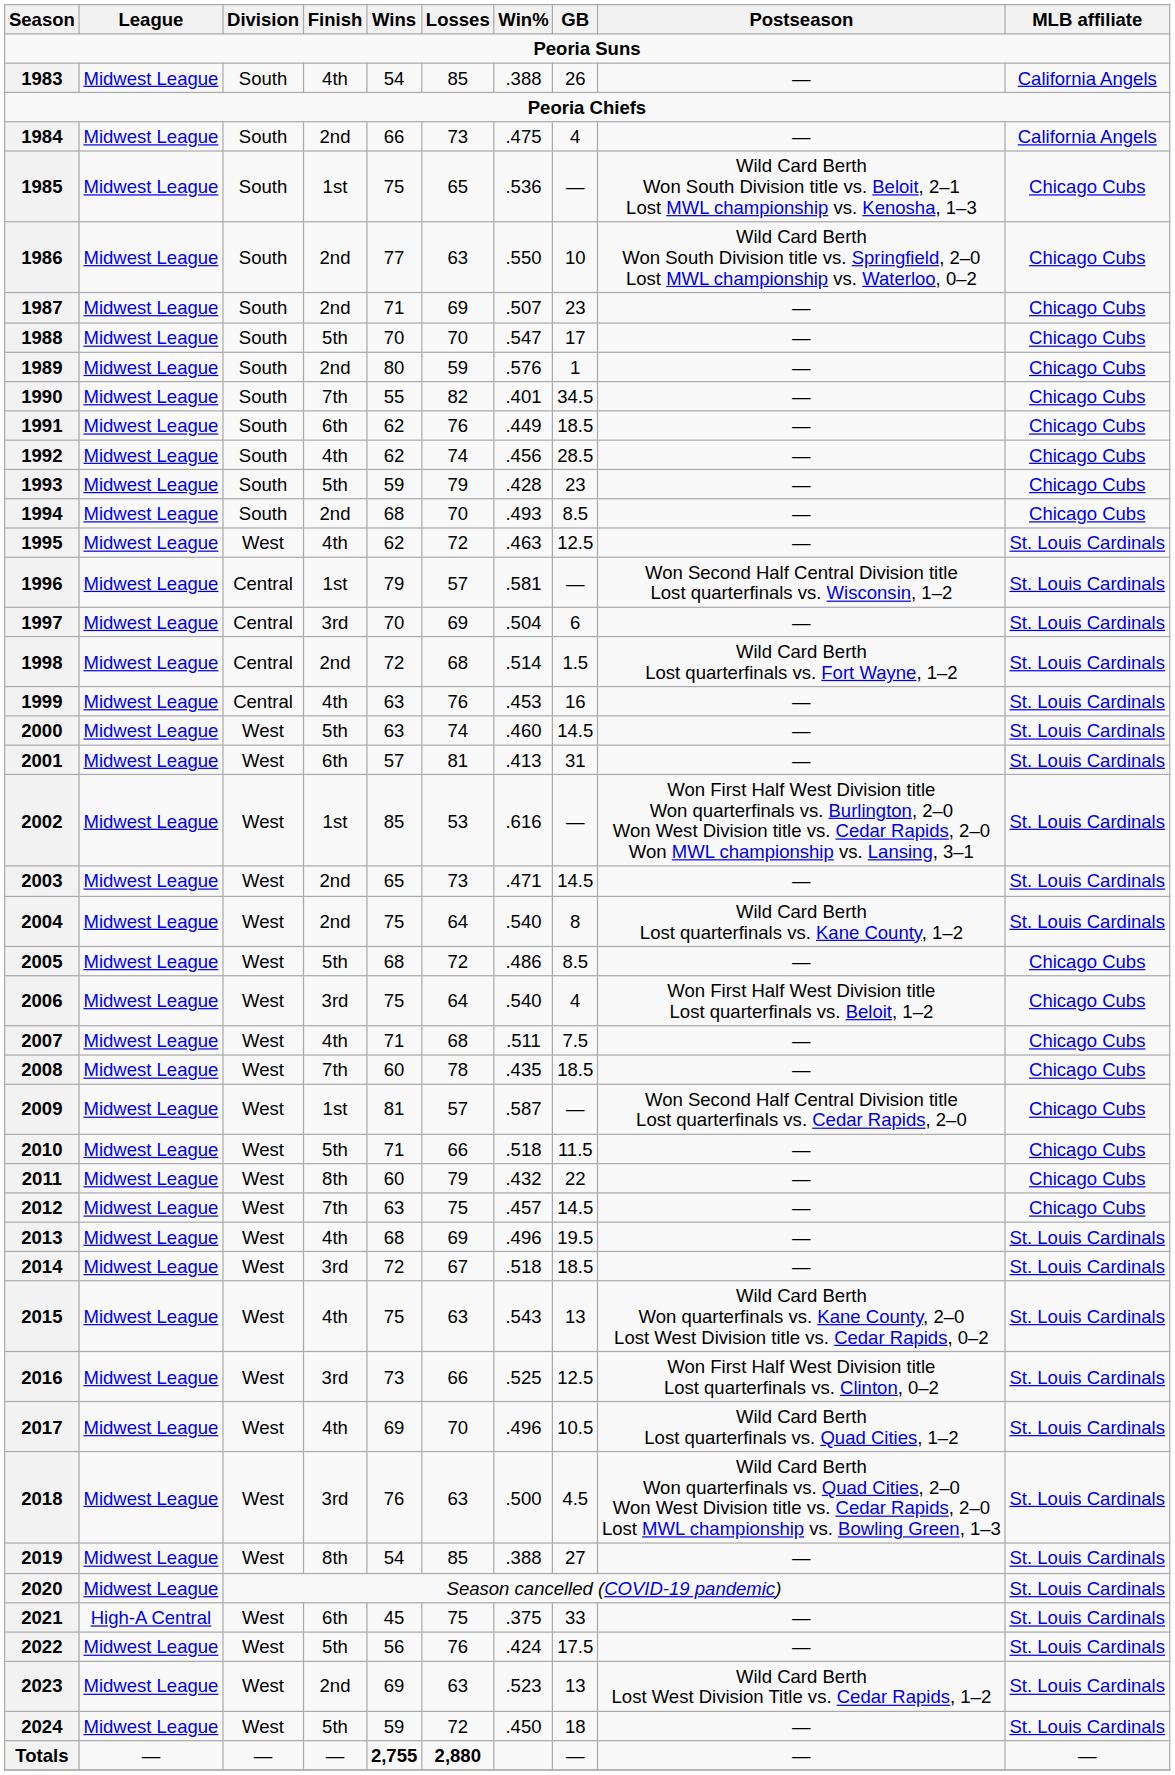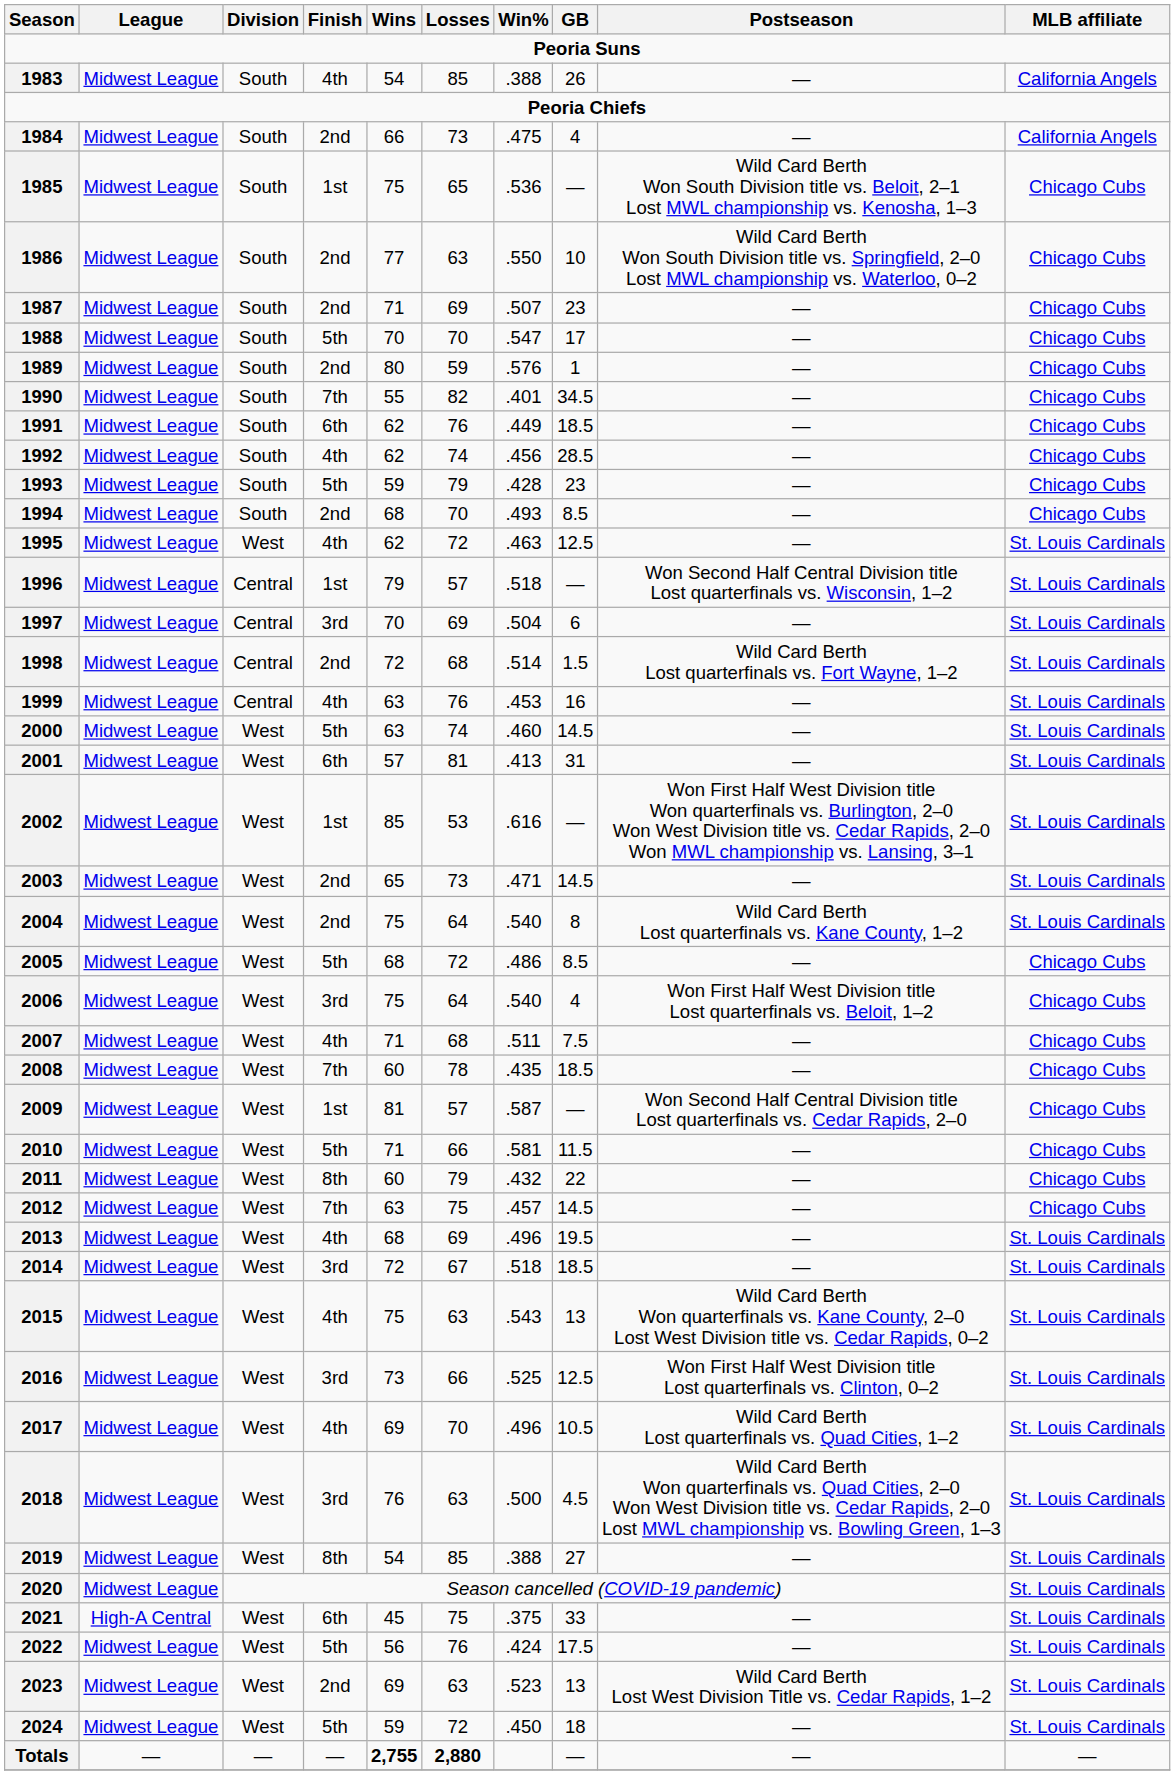 <table class="wikitable plainrowheaders" style="text-align:center; font-size:95%">
 <tr>
 <th scope="col">Season</th>
 <th scope="col">League</th>
 <th scope="col">Division</th>
 <th scope="col">Finish</th>
 <th scope="col">Wins</th>
 <th scope="col">Losses</th>
 <th scope="col">Win%</th>
 <th scope="col">GB</th>
 <th scope="col">Postseason</th>
 <th scope="col">MLB affiliate</th>
 </tr>
 <tr>
 <td align="center" colspan="12"><strong>Peoria Suns</strong></td>
 </tr>
 <tr>
 <th scope="row" style="text-align:center;">1983</th>
 <td align="center"><a href='#'>Midwest League</a></td>
 <td align="center">South</td>
 <td align="center">4th</td>
 <td align="center">54</td>
 <td align="center">85</td>
 <td align="center">.388</td>
 <td align="center">26</td>
 <td align="center">—</td>
 <td align="center"><a href='#'>California Angels</a></td>
 </tr>
 <tr>
 <td colspan="12" align="center"><strong>Peoria Chiefs</strong></td>
 </tr>
 <tr>
 <th scope="row" style="text-align:center;">1984</th>
 <td align="center"><a href='#'>Midwest League</a></td>
 <td align="center">South</td>
 <td align="center">2nd</td>
 <td align="center">66</td>
 <td align="center">73</td>
 <td align="center">.475</td>
 <td align="center">4</td>
 <td align="center">—</td>
 <td align="center"><a href='#'>California Angels</a></td>
 </tr>
 <tr>
 <th scope="row" style="text-align:center;">1985</th>
 <td align="center"><a href='#'>Midwest League</a></td>
 <td align="center">South</td>
 <td align="center">1st</td>
 <td align="center">75</td>
 <td align="center">65</td>
 <td align="center">.536</td>
 <td align="center">—</td>
 <td>Wild Card Berth<br>Won South Division title vs. <a href='#'>Beloit</a>, 2–1<br>Lost <a href='#'>MWL championship</a> vs. <a href='#'>Kenosha</a>, 1–3</td>
 <td align="center"><a href='#'>Chicago Cubs</a></td>
 </tr>
 <tr>
 <th scope="row" style="text-align:center;">1986</th>
 <td align="center"><a href='#'>Midwest League</a></td>
 <td align="center">South</td>
 <td align="center">2nd</td>
 <td align="center">77</td>
 <td align="center">63</td>
 <td align="center">.550</td>
 <td align="center">10</td>
 <td>Wild Card Berth<br>Won South Division title vs. <a href='#'>Springfield</a>, 2–0 <br>Lost <a href='#'>MWL championship</a> vs. <a href='#'>Waterloo</a>, 0–2</td>
 <td align="center"><a href='#'>Chicago Cubs</a></td>
 </tr>
 <tr>
 <th scope="row" style="text-align:center;">1987</th>
 <td align="center"><a href='#'>Midwest League</a></td>
 <td align="center">South</td>
 <td align="center">2nd</td>
 <td align="center">71</td>
 <td align="center">69</td>
 <td align="center">.507</td>
 <td align="center">23</td>
 <td align="center">—</td>
 <td align="center"><a href='#'>Chicago Cubs</a></td>
 </tr>
 <tr>
 <th scope="row" style="text-align:center;">1988</th>
 <td align="center"><a href='#'>Midwest League</a></td>
 <td align="center">South</td>
 <td align="center">5th</td>
 <td align="center">70</td>
 <td align="center">70</td>
 <td align="center">.547</td>
 <td align="center">17</td>
 <td align="center">—</td>
 <td align="center"><a href='#'>Chicago Cubs</a></td>
 </tr>
 <tr>
 <th scope="row" style="text-align:center;">1989</th>
 <td align="center"><a href='#'>Midwest League</a></td>
 <td align="center">South</td>
 <td align="center">2nd</td>
 <td align="center">80</td>
 <td align="center">59</td>
 <td align="center">.576</td>
 <td align="center">1</td>
 <td align="center">—</td>
 <td align="center"><a href='#'>Chicago Cubs</a></td>
 </tr>
 <tr>
 <th scope="row" style="text-align:center;">1990</th>
 <td align="center"><a href='#'>Midwest League</a></td>
 <td align="center">South</td>
 <td align="center">7th</td>
 <td align="center">55</td>
 <td align="center">82</td>
 <td align="center">.401</td>
 <td align="center">34.5</td>
 <td align="center">—</td>
 <td align="center"><a href='#'>Chicago Cubs</a></td>
 </tr>
 <tr>
 <th scope="row" style="text-align:center;">1991</th>
 <td align="center"><a href='#'>Midwest League</a></td>
 <td align="center">South</td>
 <td align="center">6th</td>
 <td align="center">62</td>
 <td align="center">76</td>
 <td align="center">.449</td>
 <td align="center">18.5</td>
 <td align="center">—</td>
 <td align="center"><a href='#'>Chicago Cubs</a></td>
 </tr>
 <tr>
 <th scope="row" style="text-align:center;">1992</th>
 <td align="center"><a href='#'>Midwest League</a></td>
 <td align="center">South</td>
 <td align="center">4th</td>
 <td align="center">62</td>
 <td align="center">74</td>
 <td align="center">.456</td>
 <td align="center">28.5</td>
 <td align="center">—</td>
 <td align="center"><a href='#'>Chicago Cubs</a></td>
 </tr>
 <tr>
 <th scope="row" style="text-align:center;">1993</th>
 <td align="center"><a href='#'>Midwest League</a></td>
 <td align="center">South</td>
 <td align="center">5th</td>
 <td align="center">59</td>
 <td align="center">79</td>
 <td align="center">.428</td>
 <td align="center">23</td>
 <td align="center">—</td>
 <td align="center"><a href='#'>Chicago Cubs</a></td>
 </tr>
 <tr>
 <th scope="row" style="text-align:center;">1994</th>
 <td align="center"><a href='#'>Midwest League</a></td>
 <td align="center">South</td>
 <td align="center">2nd</td>
 <td align="center">68</td>
 <td align="center">70</td>
 <td align="center">.493</td>
 <td align="center">8.5</td>
 <td align="center">—</td>
 <td align="center"><a href='#'>Chicago Cubs</a></td>
 </tr>
 <tr>
 <th scope="row" style="text-align:center;">1995</th>
 <td align="center"><a href='#'>Midwest League</a></td>
 <td align="center">West</td>
 <td align="center">4th</td>
 <td align="center">62</td>
 <td align="center">72</td>
 <td align="center">.463</td>
 <td align="center">12.5</td>
 <td align="center">—</td>
 <td align="center"><a href='#'>St. Louis Cardinals</a></td>
 </tr>
 <tr>
 <th scope="row" style="text-align:center;">1996</th>
 <td align="center"><a href='#'>Midwest League</a></td>
 <td align="center">Central</td>
 <td align="center">1st</td>
 <td align="center">79</td>
 <td align="center">57</td>
-<td align="center">.581</td>
+<td align="center">.518</td>
 <td align="center">—</td>
 <td>Won Second Half Central Division title<br>Lost quarterfinals vs. <a href='#'>Wisconsin</a>, 1–2</td>
 <td align="center"><a href='#'>St. Louis Cardinals</a></td>
 </tr>
 <tr>
 <th scope="row" style="text-align:center;">1997</th>
 <td align="center"><a href='#'>Midwest League</a></td>
 <td align="center">Central</td>
 <td align="center">3rd</td>
 <td align="center">70</td>
 <td align="center">69</td>
 <td align="center">.504</td>
 <td align="center">6</td>
 <td align="center">—</td>
 <td align="center"><a href='#'>St. Louis Cardinals</a></td>
 </tr>
 <tr>
 <th scope="row" style="text-align:center;">1998</th>
 <td align="center"><a href='#'>Midwest League</a></td>
 <td align="center">Central</td>
 <td align="center">2nd</td>
 <td align="center">72</td>
 <td align="center">68</td>
 <td align="center">.514</td>
 <td align="center">1.5</td>
 <td>Wild Card Berth<br>Lost quarterfinals vs. <a href='#'>Fort Wayne</a>, 1–2</td>
 <td align="center"><a href='#'>St. Louis Cardinals</a></td>
 </tr>
 <tr>
 <th scope="row" style="text-align:center;">1999</th>
 <td align="center"><a href='#'>Midwest League</a></td>
 <td align="center">Central</td>
 <td align="center">4th</td>
 <td align="center">63</td>
 <td align="center">76</td>
 <td align="center">.453</td>
 <td align="center">16</td>
 <td align="center">—</td>
 <td align="center"><a href='#'>St. Louis Cardinals</a></td>
 </tr>
 <tr>
 <th scope="row" style="text-align:center;">2000</th>
 <td align="center"><a href='#'>Midwest League</a></td>
 <td align="center">West</td>
 <td align="center">5th</td>
 <td align="center">63</td>
 <td align="center">74</td>
 <td align="center">.460</td>
 <td align="center">14.5</td>
 <td align="center">—</td>
 <td align="center"><a href='#'>St. Louis Cardinals</a></td>
 </tr>
 <tr>
 <th scope="row" style="text-align:center;">2001</th>
 <td align="center"><a href='#'>Midwest League</a></td>
 <td align="center">West</td>
 <td align="center">6th</td>
 <td align="center">57</td>
 <td align="center">81</td>
 <td align="center">.413</td>
 <td align="center">31</td>
 <td align="center">—</td>
 <td align="center"><a href='#'>St. Louis Cardinals</a></td>
 </tr>
 <tr>
 <th scope="row" style="text-align:center;">2002</th>
 <td align="center"><a href='#'>Midwest League</a></td>
 <td align="center">West</td>
 <td align="center">1st</td>
 <td align="center">85</td>
 <td align="center">53</td>
 <td align="center">.616</td>
 <td align="center">—</td>
 <td>Won First Half West Division title<br>Won quarterfinals vs. <a href='#'>Burlington</a>, 2–0<br>Won West Division title vs. <a href='#'>Cedar Rapids</a>, 2–0<br>Won <a href='#'>MWL championship</a> vs. <a href='#'>Lansing</a>, 3–1</td>
 <td align="center"><a href='#'>St. Louis Cardinals</a></td>
 </tr>
 <tr>
 <th scope="row" style="text-align:center;">2003</th>
 <td align="center"><a href='#'>Midwest League</a></td>
 <td align="center">West</td>
 <td align="center">2nd</td>
 <td align="center">65</td>
 <td align="center">73</td>
 <td align="center">.471</td>
 <td align="center">14.5</td>
 <td align="center">—</td>
 <td align="center"><a href='#'>St. Louis Cardinals</a></td>
 </tr>
 <tr>
 <th scope="row" style="text-align:center;">2004</th>
 <td align="center"><a href='#'>Midwest League</a></td>
 <td align="center">West</td>
 <td align="center">2nd</td>
 <td align="center">75</td>
 <td align="center">64</td>
 <td align="center">.540</td>
 <td align="center">8</td>
 <td>Wild Card Berth<br>Lost quarterfinals vs. <a href='#'>Kane County</a>, 1–2</td>
 <td align="center"><a href='#'>St. Louis Cardinals</a></td>
 </tr>
 <tr>
 <th scope="row" style="text-align:center;">2005</th>
 <td align="center"><a href='#'>Midwest League</a></td>
 <td align="center">West</td>
 <td align="center">5th</td>
 <td align="center">68</td>
 <td align="center">72</td>
 <td align="center">.486</td>
 <td align="center">8.5</td>
 <td align="center">—</td>
 <td align="center"><a href='#'>Chicago Cubs</a></td>
 </tr>
 <tr>
 <th scope="row" style="text-align:center;">2006</th>
 <td align="center"><a href='#'>Midwest League</a></td>
 <td align="center">West</td>
 <td align="center">3rd</td>
 <td align="center">75</td>
 <td align="center">64</td>
 <td align="center">.540</td>
 <td align="center">4</td>
 <td>Won First Half West Division title<br>Lost quarterfinals vs. <a href='#'>Beloit</a>, 1–2</td>
 <td align="center"><a href='#'>Chicago Cubs</a></td>
 </tr>
 <tr>
 <th scope="row" style="text-align:center;">2007</th>
 <td align="center"><a href='#'>Midwest League</a></td>
 <td align="center">West</td>
 <td align="center">4th</td>
 <td align="center">71</td>
 <td align="center">68</td>
 <td align="center">.511</td>
 <td align="center">7.5</td>
 <td align="center">—</td>
 <td align="center"><a href='#'>Chicago Cubs</a></td>
 </tr>
 <tr>
 <th scope="row" style="text-align:center;">2008</th>
 <td align="center"><a href='#'>Midwest League</a></td>
 <td align="center">West</td>
 <td align="center">7th</td>
 <td align="center">60</td>
 <td align="center">78</td>
 <td align="center">.435</td>
 <td align="center">18.5</td>
 <td align="center">—</td>
 <td align="center"><a href='#'>Chicago Cubs</a></td>
 </tr>
 <tr>
 <th scope="row" style="text-align:center;">2009</th>
 <td align="center"><a href='#'>Midwest League</a></td>
 <td align="center">West</td>
 <td align="center">1st</td>
 <td align="center">81</td>
 <td align="center">57</td>
 <td align="center">.587</td>
 <td align="center">—</td>
 <td>Won Second Half Central Division title<br>Lost quarterfinals vs. <a href='#'>Cedar Rapids</a>, 2–0</td>
 <td align="center"><a href='#'>Chicago Cubs</a></td>
 </tr>
 <tr>
 <th scope="row" style="text-align:center;">2010</th>
 <td align="center"><a href='#'>Midwest League</a></td>
 <td align="center">West</td>
 <td align="center">5th</td>
 <td align="center">71</td>
 <td align="center">66</td>
-<td align="center">.518</td>
+<td align="center">.581</td>
 <td align="center">11.5</td>
 <td align="center">—</td>
 <td align="center"><a href='#'>Chicago Cubs</a></td>
 </tr>
 <tr>
 <th scope="row" style="text-align:center;">2011</th>
 <td align="center"><a href='#'>Midwest League</a></td>
 <td align="center">West</td>
 <td align="center">8th</td>
 <td align="center">60</td>
 <td align="center">79</td>
 <td align="center">.432</td>
 <td align="center">22</td>
 <td align="center">—</td>
 <td align="center"><a href='#'>Chicago Cubs</a></td>
 </tr>
 <tr>
 <th scope="row" style="text-align:center;">2012</th>
 <td align="center"><a href='#'>Midwest League</a></td>
 <td align="center">West</td>
 <td align="center">7th</td>
 <td align="center">63</td>
 <td align="center">75</td>
 <td align="center">.457</td>
 <td align="center">14.5</td>
 <td align="center">—</td>
 <td align="center"><a href='#'>Chicago Cubs</a></td>
 </tr>
 <tr>
 <th scope="row" style="text-align:center;">2013</th>
 <td align="center"><a href='#'>Midwest League</a></td>
 <td align="center">West</td>
 <td align="center">4th</td>
 <td align="center">68</td>
 <td align="center">69</td>
 <td align="center">.496</td>
 <td align="center">19.5</td>
 <td align="center">—</td>
 <td align="center"><a href='#'>St. Louis Cardinals</a></td>
 </tr>
 <tr>
 <th scope="row" style="text-align:center;">2014</th>
 <td align="center"><a href='#'>Midwest League</a></td>
 <td align="center">West</td>
 <td align="center">3rd</td>
 <td align="center">72</td>
 <td align="center">67</td>
 <td align="center">.518</td>
 <td align="center">18.5</td>
 <td align="center">—</td>
 <td align="center"><a href='#'>St. Louis Cardinals</a></td>
 </tr>
 <tr>
 <th scope="row" style="text-align:center;">2015</th>
 <td align="center"><a href='#'>Midwest League</a></td>
 <td align="center">West</td>
 <td align="center">4th</td>
 <td align="center">75</td>
 <td align="center">63</td>
 <td align="center">.543</td>
 <td align="center">13</td>
 <td>Wild Card Berth<br>Won quarterfinals vs. <a href='#'>Kane County</a>, 2–0<br>Lost West Division title vs. <a href='#'>Cedar Rapids</a>, 0–2</td>
 <td align="center"><a href='#'>St. Louis Cardinals</a></td>
 </tr>
 <tr>
 <th scope="row" style="text-align:center;">2016</th>
 <td align="center"><a href='#'>Midwest League</a></td>
 <td align="center">West</td>
 <td align="center">3rd</td>
 <td align="center">73</td>
 <td align="center">66</td>
 <td align="center">.525</td>
 <td align="center">12.5</td>
 <td>Won First Half West Division title<br>Lost quarterfinals vs. <a href='#'>Clinton</a>, 0–2</td>
 <td align="center"><a href='#'>St. Louis Cardinals</a></td>
 </tr>
 <tr>
 <th scope="row" style="text-align:center;">2017</th>
 <td align="center"><a href='#'>Midwest League</a></td>
 <td align="center">West</td>
 <td align="center">4th</td>
 <td align="center">69</td>
 <td align="center">70</td>
 <td align="center">.496</td>
 <td align="center">10.5</td>
 <td>Wild Card Berth<br>Lost quarterfinals vs. <a href='#'>Quad Cities</a>, 1–2</td>
 <td align="center"><a href='#'>St. Louis Cardinals</a></td>
 </tr>
 <tr>
 <th scope="row" style="text-align:center;">2018</th>
 <td align="center"><a href='#'>Midwest League</a></td>
 <td align="center">West</td>
 <td align="center">3rd</td>
 <td align="center">76</td>
 <td align="center">63</td>
 <td align="center">.500</td>
 <td align="center">4.5</td>
 <td>Wild Card Berth<br>Won quarterfinals vs. <a href='#'>Quad Cities</a>, 2–0<br>Won West Division title vs. <a href='#'>Cedar Rapids</a>, 2–0<br>Lost <a href='#'>MWL championship</a> vs. <a href='#'>Bowling Green</a>, 1–3</td>
 <td align="center"><a href='#'>St. Louis Cardinals</a></td>
 </tr>
 <tr>
 <th scope="row" style="text-align:center;">2019</th>
 <td align="center"><a href='#'>Midwest League</a></td>
 <td align="center">West</td>
 <td align="center">8th</td>
 <td align="center">54</td>
 <td align="center">85</td>
 <td align="center">.388</td>
 <td align="center">27</td>
 <td align="center">—</td>
 <td align="center"><a href='#'>St. Louis Cardinals</a></td>
 </tr>
 <tr>
 <th scope="row" style="text-align:center;">2020</th>
 <td align="center"><a href='#'>Midwest League</a></td>
 <td colspan="7"><em>Season cancelled (<a href='#'>COVID-19 pandemic</a>)</td>
 <td align="center"><a href='#'>St. Louis Cardinals</a></td>
 </tr>
 <tr>
 <th scope="row" style="text-align:center;">2021</th>
 <td align="center"><a href='#'>High-A Central</a></td>
 <td align="center">West</td>
 <td align="center">6th</td>
 <td align="center">45</td>
 <td align="center">75</td>
 <td align="center">.375</td>
 <td align="center">33</td>
 <td align="center">—</td>
 <td align="center"><a href='#'>St. Louis Cardinals</a></td>
 </tr>
 <tr>
 <th scope="row" style="text-align:center;">2022</th>
 <td align="center"><a href='#'>Midwest League</a></td>
 <td align="center">West</td>
 <td align="center">5th</td>
 <td align="center">56</td>
 <td align="center">76</td>
 <td align="center">.424</td>
 <td align="center">17.5</td>
 <td align="center">—</td>
 <td align="center"><a href='#'>St. Louis Cardinals</a></td>
 </tr>
 <tr>
 <th scope="row" style="text-align:center;">2023</th>
 <td align="center"><a href='#'>Midwest League</a></td>
 <td align="center">West</td>
 <td align="center">2nd</td>
 <td align="center">69</td>
 <td align="center">63</td>
 <td align="center">.523</td>
 <td align="center">13</td>
 <td align="center">Wild Card Berth<br>Lost West Division Title vs. <a href='#'>Cedar Rapids</a>, 1–2</td>
 <td align="center"><a href='#'>St. Louis Cardinals</a></td>
 </tr>
 <tr>
 <th scope="row" style="text-align:center;">2024</th>
 <td align="center"><a href='#'>Midwest League</a></td>
 <td align="center">West</td>
 <td align="center">5th</td>
 <td align="center">59</td>
 <td align="center">72</td>
 <td align="center">.450</td>
 <td align="center">18</td>
 <td align="center">—</td>
 <td align="center"><a href='#'>St. Louis Cardinals</a></td>
 </tr>
 <tr>
 <th scope="row" style="text-align:center;"><strong>Totals</strong></th>
 <td align="center">—</td>
 <td align="center">—</td>
 <td align="center">—</td>
 <td align="center"><strong>2,755</strong> </td>
 <td align="center"><strong>2,880</strong> </td>
 <td align="center"><strong></strong> </td>
 <td align="center">—</td>
 <td align="center">—</td>
 <td align="center">—</td>
 </tr>
 <tr>
 </tr>
 </table>
